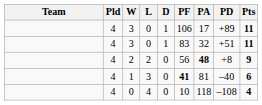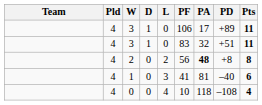 <table class="wikitable" style="text-align:center;">
 <tr>
 <th width=150>Team</th>
 <th width=20 abbr="Played">Pld</th>
 <th width=20 abbr="Won">W</th>
+<th width=20 abbr="Drawn">D</th>
 <th width=20 abbr="Lost">L</th>
-<th width=20 abbr="Drawn">D</th>
 <th width=20 abbr="Points for">PF</th>
 <th width=20 abbr="Points against">PA</th>
 <th width=34 abbr="Points difference">PD</th>
 <th width=20 abbr="Points">Pts</th>
 </tr>
 <tr>
 <td style="text-align:left;"></td>
 <td>4</td>
 <td>3</td>
+<td>1</td>
 <td>0</td>
-<td>1</td>
 <td>106</td>
 <td>17</td>
 <td>+89</td>
 <td><strong>11</strong></td>
 </tr>
 <tr>
 <td style="text-align:left;"></td>
 <td>4</td>
 <td>3</td>
+<td>1</td>
 <td>0</td>
-<td>1</td>
 <td>83</td>
 <td>32</td>
 <td>+51</td>
 <td><strong>11</strong></td>
 </tr>
 <tr>
 <td style="text-align:left;"></td>
 <td>4</td>
 <td>2</td>
+<td>0</td>
 <td>2</td>
-<td>0</td>
 <td>56</td>
 <td><strong>48</strong></td>
 <td>+8</td>
-<td><strong>9</strong></td>
+<td><strong>8</strong></td>
 </tr>
 <tr>
 <td style="text-align:left;"></td>
 <td>4</td>
 <td>1</td>
+<td>0</td>
 <td>3</td>
-<td>0</td>
-<td><strong>41</strong></td>
+<td>41</td>
 <td>81</td>
 <td>–40</td>
 <td><strong>6</strong></td>
 </tr>
 <tr>
 <td style="text-align:left;"></td>
 <td>4</td>
 <td>0</td>
+<td>0</td>
 <td>4</td>
-<td>0</td>
 <td>10</td>
 <td>118</td>
 <td>–108</td>
 <td><strong>4</strong></td>
 </tr>
 </table>
